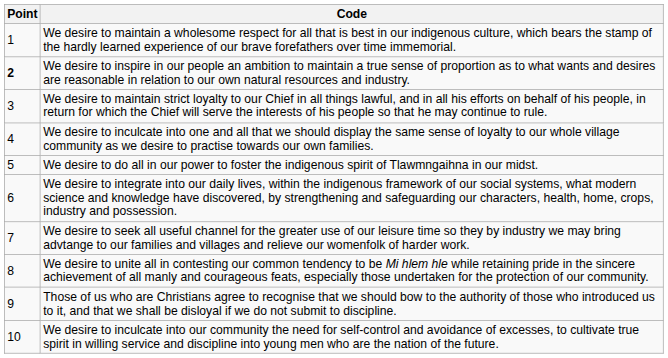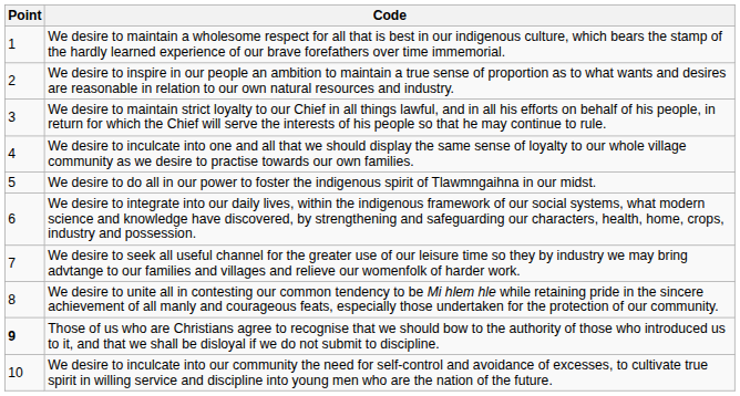 <table class="wikitable">
 <tr>
 <th>Point</th>
 <th>Code</th>
 </tr>
 <tr>
 <td>1</td>
 <td>We desire to maintain a wholesome respect for all that is best in our indigenous culture, which bears the stamp of the hardly learned experience of our brave forefathers over time immemorial.</td>
 </tr>
 <tr>
-<td><strong>2</strong></td>
+<td>2</td>
 <td>We desire to inspire in our people an ambition to maintain a true sense of proportion as to what wants and desires are reasonable in relation to our own natural resources and industry.</td>
 </tr>
 <tr>
 <td>3</td>
 <td>We desire to maintain strict loyalty to our Chief in all things lawful, and in all his efforts on behalf of his people, in return for which the Chief will serve the interests of his people so that he may continue to rule.</td>
 </tr>
 <tr>
 <td>4</td>
 <td>We desire to inculcate into one and all that we should display the same sense of loyalty to our whole village community as we desire to practise towards our own families.</td>
 </tr>
 <tr>
 <td>5</td>
 <td>We desire to do all in our power to foster the indigenous spirit of Tlawmngaihna in our midst.</td>
 </tr>
 <tr>
 <td>6</td>
 <td>We desire to integrate into our daily lives, within the indigenous framework of our social systems, what modern science and knowledge have discovered, by strengthening and safeguarding our characters, health, home, crops, industry and possession.</td>
 </tr>
 <tr>
 <td>7</td>
 <td>We desire to seek all useful channel for the greater use of our leisure time so they by industry we may bring advtange to our families and villages and relieve our womenfolk of harder work. </td>
 </tr>
 <tr>
 <td>8</td>
 <td>We desire to unite all in contesting our common tendency to be <em>Mi hlem hle</em> while retaining pride in the sincere achievement of all manly and courageous feats, especially those undertaken for the protection of our community.</td>
 </tr>
 <tr>
-<td>9</td>
+<td><strong>9</strong></td>
 <td>Those of us who are Christians agree to recognise that we should bow to the authority of those who introduced us to it, and that we shall be disloyal if we do not submit to discipline.</td>
 </tr>
 <tr>
 <td>10</td>
 <td>We desire to inculcate into our community the need for self-control and avoidance of excesses, to cultivate true spirit in willing service and discipline into young men who are the nation of the future. </td>
 </tr>
 </table>
